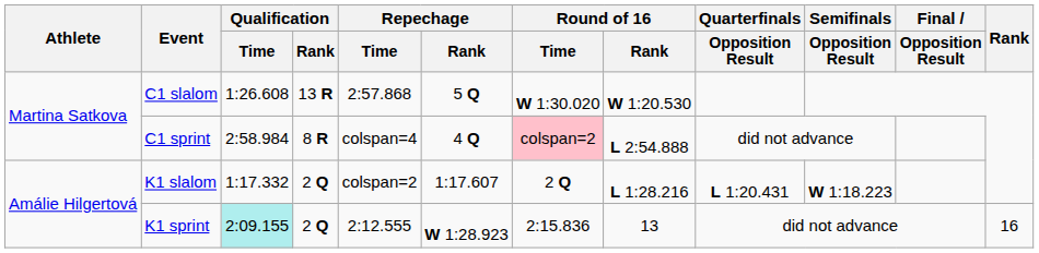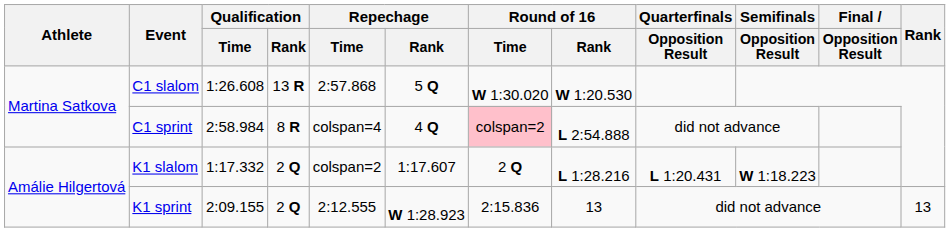 <table class="wikitable" style="font-size:90%;">
 <tr>
 <th rowspan=2>Athlete</th>
 <th rowspan=2>Event</th>
 <th colspan=2>Qualification</th>
 <th colspan=2>Repechage</th>
 <th colspan=2>Round of 16</th>
 <th>Quarterfinals</th>
 <th>Semifinals</th>
 <th>Final / </th>
 <th rowspan=2>Rank</th>
 </tr>
 <tr style="font-size:95%">
 <th>Time</th>
 <th>Rank</th>
 <th>Time</th>
 <th>Rank</th>
 <th>Time</th>
 <th>Rank</th>
 <th>Opposition <br>Result</th>
 <th>Opposition <br>Result</th>
 <th>Opposition <br>Result</th>
 </tr>
 <tr align=center>
 <td rowspan=2 align=left><a href='#'>Martina Satkova</a></td>
 <td align=left><a href='#'>C1 slalom</a></td>
 <td>1:26.608</td>
 <td>13 <strong>R</strong></td>
 <td>2:57.868</td>
 <td>5 <strong>Q</strong></td>
 <td><br><strong>W</strong> 1:30.020</td>
 <td><br><strong>W</strong> 1:20.530</td>
 <td></td>
 </tr>
 <tr align=center>
 <td align=left><a href='#'>C1 sprint</a></td>
 <td>2:58.984</td>
 <td>8 <strong>R</strong></td>
 <td>colspan=4 </td>
 <td>4 <strong>Q</strong></td>
 <td style="background: pink;">colspan=2 </td>
 <td><br><strong>L</strong> 2:54.888</td>
 <td colspan=2>did not advance</td>
 <td></td>
 </tr>
 <tr align=center>
 <td rowspan=2 align=left><a href='#'>Amálie Hilgertová</a></td>
 <td align=left><a href='#'>K1 slalom</a></td>
 <td>1:17.332</td>
 <td>2 <strong>Q</strong></td>
 <td>colspan=2 </td>
 <td>1:17.607</td>
 <td>2 <strong>Q</strong></td>
 <td><br><strong>L</strong> 1:28.216</td>
 <td><br><strong>L</strong> 1:20.431</td>
 <td><br><strong>W</strong> 1:18.223</td>
 <td></td>
 </tr>
 <tr align=center>
 <td align=left><a href='#'>K1 sprint</a></td>
-<td style="background: paleturquoise;">2:09.155</td>
+<td>2:09.155</td>
 <td>2 <strong>Q</strong></td>
 <td>2:12.555</td>
 <td><br><strong>W</strong> 1:28.923</td>
 <td>2:15.836</td>
 <td>13</td>
 <td colspan=3>did not advance</td>
-<td>16</td>
+<td>13</td>
 </tr>
 </table>
